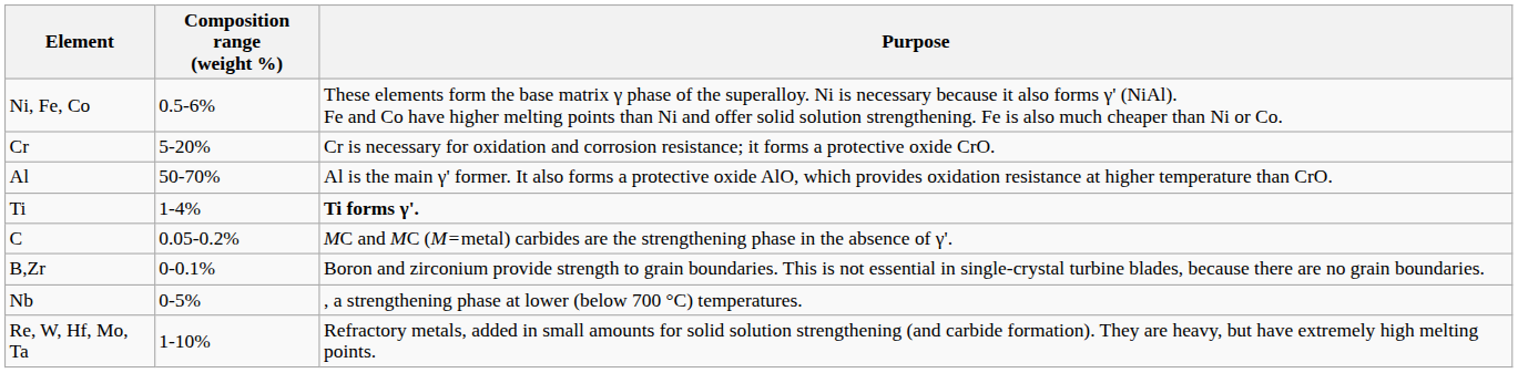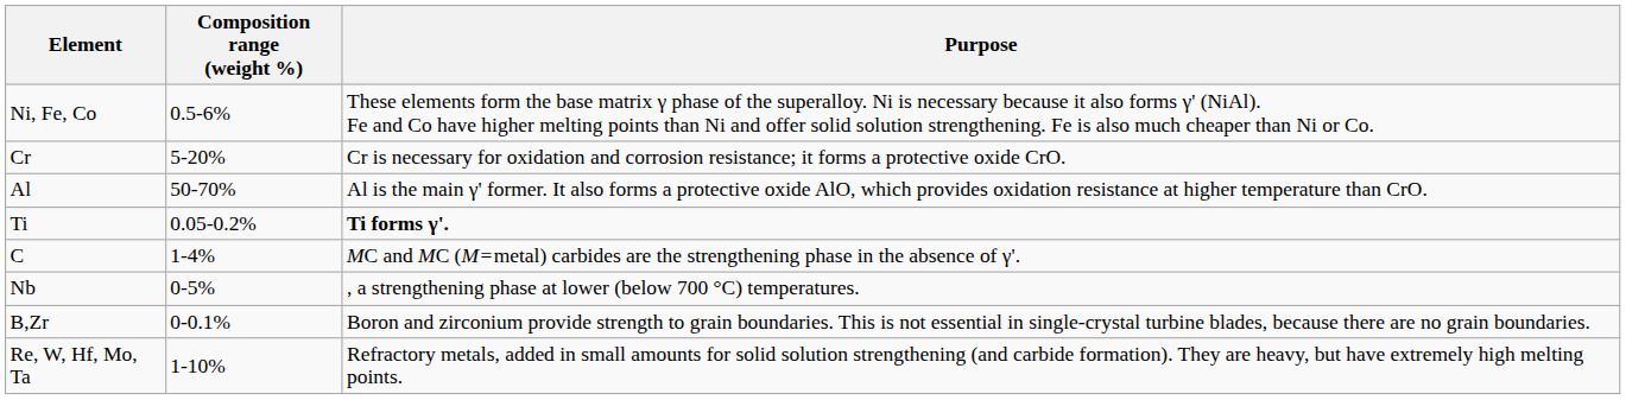 <table class="wikitable">
 <tr>
 <th>Element</th>
 <th>Composition range<br>(weight %)</th>
 <th>Purpose</th>
 </tr>
 <tr>
 <td>Ni, Fe, Co</td>
 <td>0.5-6%</td>
 <td>These elements form the base matrix γ phase of the superalloy. Ni is necessary because it also forms γ' (NiAl).<br> Fe and Co have higher melting points than Ni and offer solid solution strengthening. Fe is also much cheaper than Ni or Co.</td>
 </tr>
 <tr>
 <td>Cr</td>
 <td>5-20%</td>
 <td>Cr is necessary for oxidation and corrosion resistance; it forms a protective oxide CrO.</td>
 </tr>
 <tr>
 <td>Al</td>
 <td>50-70%</td>
 <td>Al is the main γ' former. It also forms a protective oxide AlO, which provides oxidation resistance at higher temperature than CrO.</td>
 </tr>
 <tr>
 <td>Ti</td>
-<td>1-4%</td>
+<td>0.05-0.2%</td>
 <td><strong>Ti forms γ'.</strong></td>
 </tr>
 <tr>
 <td>C</td>
-<td>0.05-0.2%</td>
+<td>1-4%</td>
 <td><em>M</em>C and <em>M</em>C (<em>M</em> ⁠= ⁠metal) carbides are the strengthening phase in the absence of γ'.</td>
+</tr>
+<tr>
+<td>Nb</td>
+<td>0-5%</td>
+<td>, a strengthening phase at lower (below 700 °C) temperatures.</td>
 </tr>
 <tr>
 <td>B,Zr</td>
 <td>0-0.1%</td>
 <td>Boron and zirconium provide strength to grain boundaries. This is not essential in single-crystal turbine blades, because there are no grain boundaries.</td>
 </tr>
 <tr>
-<td>Nb</td>
-<td>0-5%</td>
-<td>, a strengthening phase at lower (below 700 °C) temperatures.</td>
-</tr>
-<tr>
 <td>Re, W, Hf, Mo, Ta</td>
 <td>1-10%</td>
 <td>Refractory metals, added in small amounts for solid solution strengthening (and carbide formation). They are heavy, but have extremely high melting points.</td>
 </tr>
 </table>
